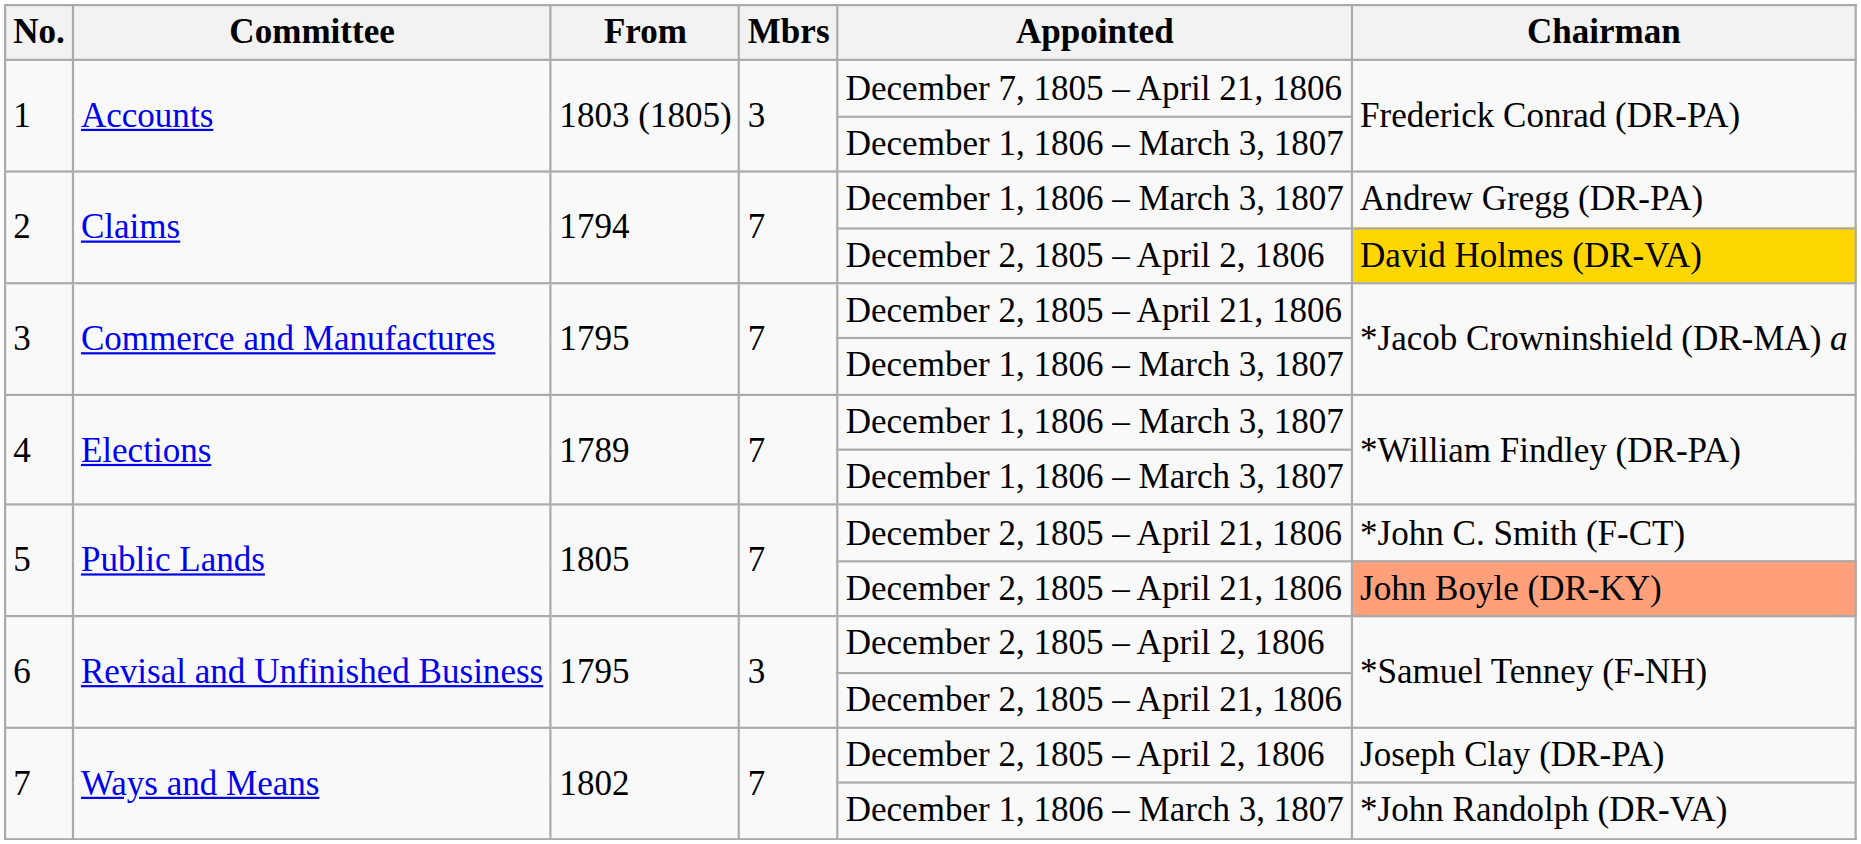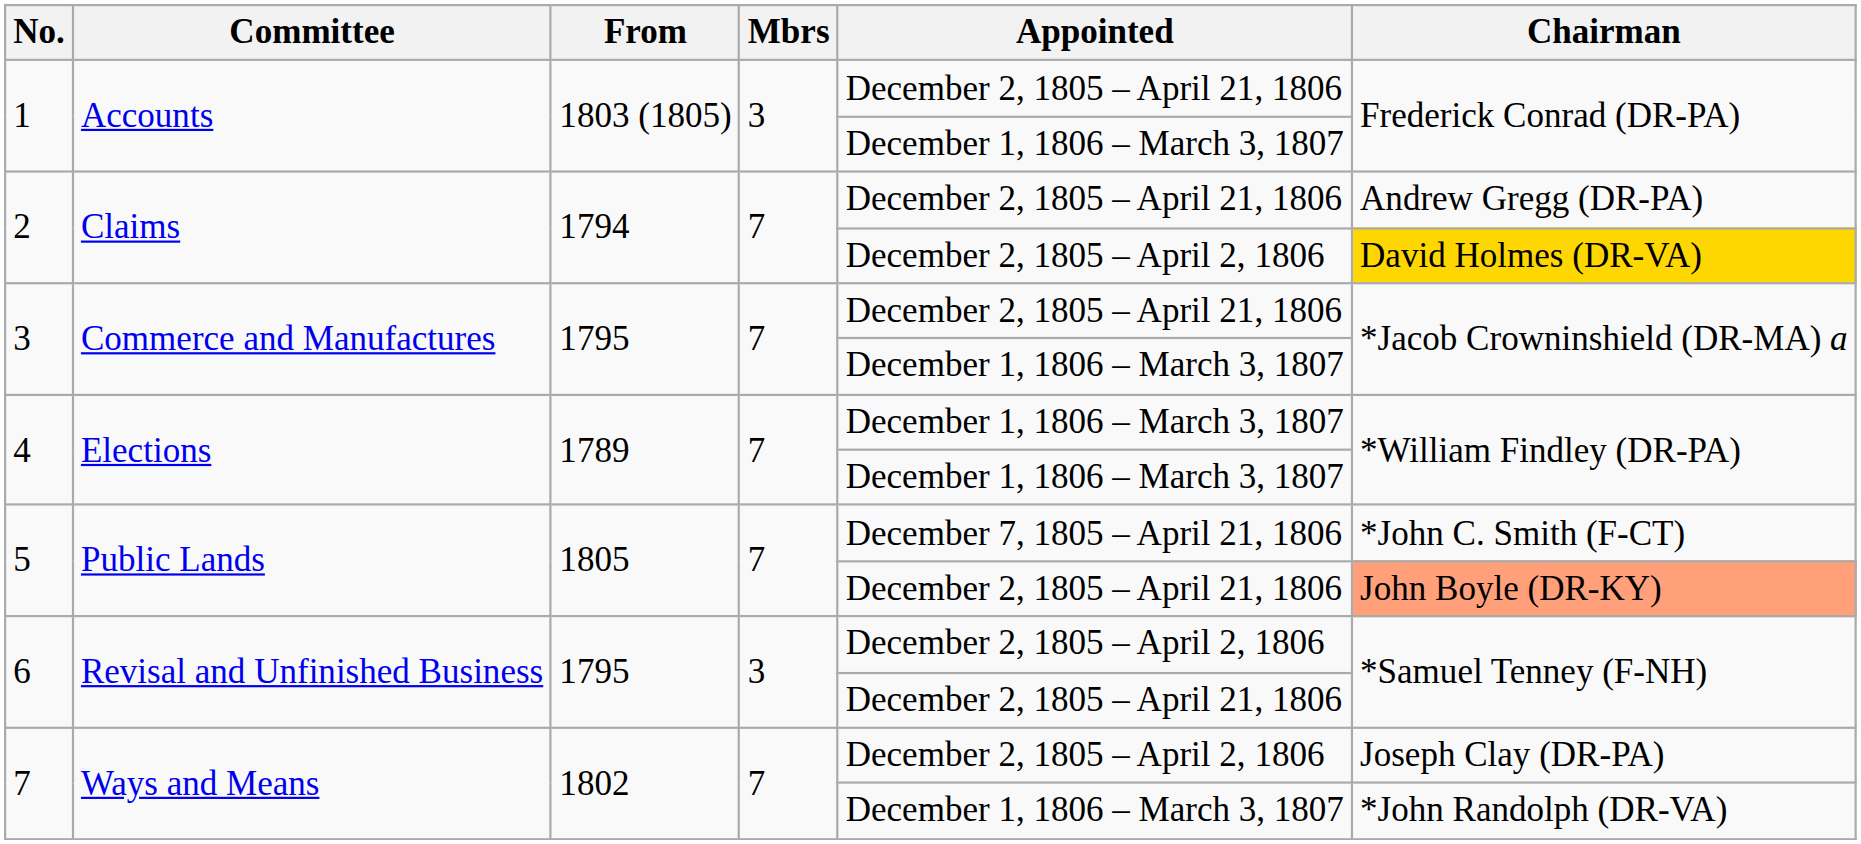 <table class="wikitable">
 <tr valign=bottom>
 <th>No.</th>
 <th>Committee</th>
 <th>From</th>
 <th>Mbrs</th>
 <th>Appointed</th>
 <th>Chairman</th>
 </tr>
 <tr>
 <td rowspan=2>1</td>
 <td rowspan=2><a href='#'>Accounts</a></td>
 <td rowspan=2>1803 (1805)</td>
 <td rowspan=2>3</td>
-<td>December 7, 1805 – April 21, 1806</td>
+<td>December 2, 1805 – April 21, 1806</td>
 <td rowspan=2>Frederick Conrad (DR-PA)</td>
 </tr>
 <tr>
 <td>December 1, 1806 – March 3, 1807</td>
 </tr>
 <tr>
 <td rowspan=2>2</td>
 <td rowspan=2><a href='#'>Claims</a></td>
 <td rowspan=2>1794</td>
 <td rowspan=2>7</td>
-<td>December 1, 1806 – March 3, 1807</td>
+<td>December 2, 1805 – April 21, 1806</td>
 <td>Andrew Gregg (DR-PA)</td>
 </tr>
 <tr>
 <td>December 2, 1805 – April 2, 1806</td>
 <td style="background: gold;">David Holmes (DR-VA)</td>
 </tr>
 <tr>
 <td rowspan=2>3</td>
 <td rowspan=2><a href='#'>Commerce and Manufactures</a></td>
 <td rowspan=2>1795</td>
 <td rowspan=2>7</td>
 <td>December 2, 1805 – April 21, 1806</td>
 <td rowspan=2>*Jacob Crowninshield (DR-MA) <em>a</em></td>
 </tr>
 <tr>
 <td>December 1, 1806 – March 3, 1807</td>
 </tr>
 <tr>
 <td rowspan=2>4</td>
 <td rowspan=2><a href='#'>Elections</a></td>
 <td rowspan=2>1789</td>
 <td rowspan=2>7</td>
 <td>December 1, 1806 – March 3, 1807</td>
 <td rowspan=2>*William Findley (DR-PA)</td>
 </tr>
 <tr>
 <td>December 1, 1806 – March 3, 1807</td>
 </tr>
 <tr>
 <td rowspan=2>5</td>
 <td rowspan=2><a href='#'>Public Lands</a></td>
 <td rowspan=2>1805</td>
 <td rowspan=2>7</td>
-<td>December 2, 1805 – April 21, 1806</td>
+<td>December 7, 1805 – April 21, 1806</td>
 <td>*John C. Smith (F-CT)</td>
 </tr>
 <tr>
 <td>December 2, 1805 – April 21, 1806</td>
 <td style="background: lightsalmon;">John Boyle (DR-KY)</td>
 </tr>
 <tr>
 <td rowspan=2>6</td>
 <td rowspan=2><a href='#'>Revisal and Unfinished Business</a></td>
 <td rowspan=2>1795</td>
 <td rowspan=2>3</td>
 <td>December 2, 1805 – April 2, 1806</td>
 <td rowspan=2>*Samuel Tenney (F-NH)</td>
 </tr>
 <tr>
 <td>December 2, 1805 – April 21, 1806</td>
 </tr>
 <tr>
 <td rowspan=2>7</td>
 <td rowspan=2><a href='#'>Ways and Means</a></td>
 <td rowspan=2>1802</td>
 <td rowspan=2>7</td>
 <td>December 2, 1805 – April 2, 1806</td>
 <td>Joseph Clay (DR-PA)</td>
 </tr>
 <tr>
 <td>December 1, 1806 – March 3, 1807</td>
 <td>*John Randolph (DR-VA)</td>
 </tr>
 <tr>
 </tr>
 </table>
